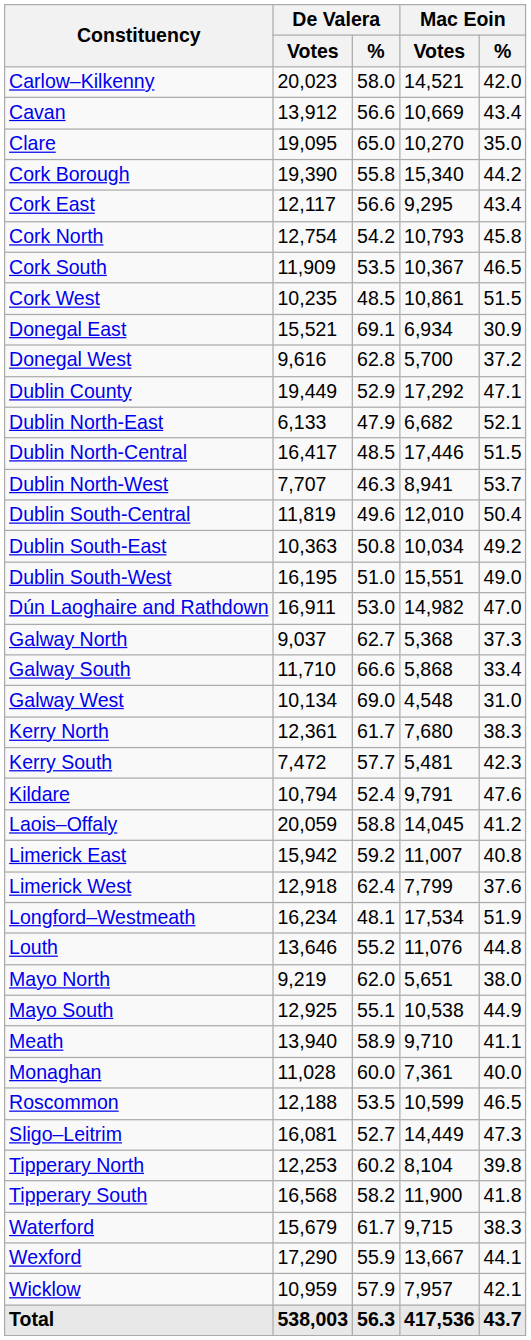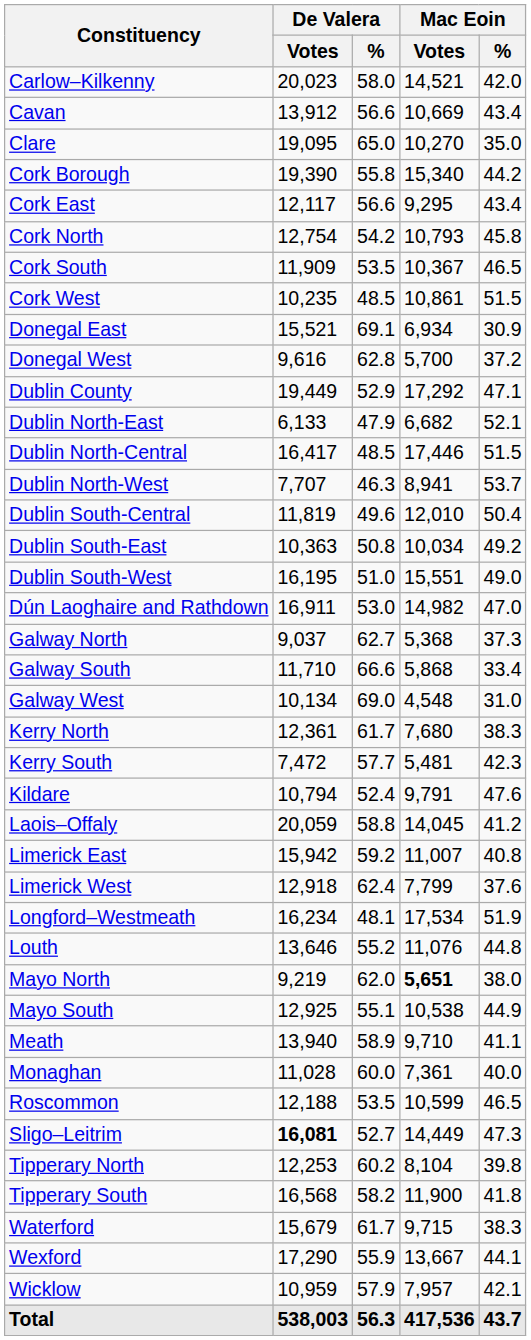 <table class="wikitable sortable">
 <tr>
 <th rowspan="2">Constituency</th>
 <th colspan="2">De Valera</th>
 <th colspan="2">Mac Eoin</th>
 </tr>
 <tr>
 <th>Votes</th>
 <th>%</th>
 <th>Votes</th>
 <th>%</th>
 </tr>
 <tr>
 <td><a href='#'>Carlow–Kilkenny</a></td>
 <td>20,023</td>
 <td>58.0</td>
 <td>14,521</td>
 <td>42.0</td>
 </tr>
 <tr>
 <td><a href='#'>Cavan</a></td>
 <td>13,912</td>
 <td>56.6</td>
 <td>10,669</td>
 <td>43.4</td>
 </tr>
 <tr>
 <td><a href='#'>Clare</a></td>
 <td>19,095</td>
 <td>65.0</td>
 <td>10,270</td>
 <td>35.0</td>
 </tr>
 <tr>
 <td><a href='#'>Cork Borough</a></td>
 <td>19,390</td>
 <td>55.8</td>
 <td>15,340</td>
 <td>44.2</td>
 </tr>
 <tr>
 <td><a href='#'>Cork East</a></td>
 <td>12,117</td>
 <td>56.6</td>
 <td>9,295</td>
 <td>43.4</td>
 </tr>
 <tr>
 <td><a href='#'>Cork North</a></td>
 <td>12,754</td>
 <td>54.2</td>
 <td>10,793</td>
 <td>45.8</td>
 </tr>
 <tr>
 <td><a href='#'>Cork South</a></td>
 <td>11,909</td>
 <td>53.5</td>
 <td>10,367</td>
 <td>46.5</td>
 </tr>
 <tr>
 <td><a href='#'>Cork West</a></td>
 <td>10,235</td>
 <td>48.5</td>
 <td>10,861</td>
 <td>51.5</td>
 </tr>
 <tr>
 <td><a href='#'>Donegal East</a></td>
 <td>15,521</td>
 <td>69.1</td>
 <td>6,934</td>
 <td>30.9</td>
 </tr>
 <tr>
 <td><a href='#'>Donegal West</a></td>
 <td>9,616</td>
 <td>62.8</td>
 <td>5,700</td>
 <td>37.2</td>
 </tr>
 <tr>
 <td><a href='#'>Dublin County</a></td>
 <td>19,449</td>
 <td>52.9</td>
 <td>17,292</td>
 <td>47.1</td>
 </tr>
 <tr>
 <td><a href='#'>Dublin North-East</a></td>
 <td>6,133</td>
 <td>47.9</td>
 <td>6,682</td>
 <td>52.1</td>
 </tr>
 <tr>
 <td><a href='#'>Dublin North-Central</a></td>
 <td>16,417</td>
 <td>48.5</td>
 <td>17,446</td>
 <td>51.5</td>
 </tr>
 <tr>
 <td><a href='#'>Dublin North-West</a></td>
 <td>7,707</td>
 <td>46.3</td>
 <td>8,941</td>
 <td>53.7</td>
 </tr>
 <tr>
 <td><a href='#'>Dublin South-Central</a></td>
 <td>11,819</td>
 <td>49.6</td>
 <td>12,010</td>
 <td>50.4</td>
 </tr>
 <tr>
 <td><a href='#'>Dublin South-East</a></td>
 <td>10,363</td>
 <td>50.8</td>
 <td>10,034</td>
 <td>49.2</td>
 </tr>
 <tr>
 <td><a href='#'>Dublin South-West</a></td>
 <td>16,195</td>
 <td>51.0</td>
 <td>15,551</td>
 <td>49.0</td>
 </tr>
 <tr>
 <td><a href='#'>Dún Laoghaire and Rathdown</a></td>
 <td>16,911</td>
 <td>53.0</td>
 <td>14,982</td>
 <td>47.0</td>
 </tr>
 <tr>
 <td><a href='#'>Galway North</a></td>
 <td>9,037</td>
 <td>62.7</td>
 <td>5,368</td>
 <td>37.3</td>
 </tr>
 <tr>
 <td><a href='#'>Galway South</a></td>
 <td>11,710</td>
 <td>66.6</td>
 <td>5,868</td>
 <td>33.4</td>
 </tr>
 <tr>
 <td><a href='#'>Galway West</a></td>
 <td>10,134</td>
 <td>69.0</td>
 <td>4,548</td>
 <td>31.0</td>
 </tr>
 <tr>
 <td><a href='#'>Kerry North</a></td>
 <td>12,361</td>
 <td>61.7</td>
 <td>7,680</td>
 <td>38.3</td>
 </tr>
 <tr>
 <td><a href='#'>Kerry South</a></td>
 <td>7,472</td>
 <td>57.7</td>
 <td>5,481</td>
 <td>42.3</td>
 </tr>
 <tr>
 <td><a href='#'>Kildare</a></td>
 <td>10,794</td>
 <td>52.4</td>
 <td>9,791</td>
 <td>47.6</td>
 </tr>
 <tr>
 <td><a href='#'>Laois–Offaly</a></td>
 <td>20,059</td>
 <td>58.8</td>
 <td>14,045</td>
 <td>41.2</td>
 </tr>
 <tr>
 <td><a href='#'>Limerick East</a></td>
 <td>15,942</td>
 <td>59.2</td>
 <td>11,007</td>
 <td>40.8</td>
 </tr>
 <tr>
 <td><a href='#'>Limerick West</a></td>
 <td>12,918</td>
 <td>62.4</td>
 <td>7,799</td>
 <td>37.6</td>
 </tr>
 <tr>
 <td><a href='#'>Longford–Westmeath</a></td>
 <td>16,234</td>
 <td>48.1</td>
 <td>17,534</td>
 <td>51.9</td>
 </tr>
 <tr>
 <td><a href='#'>Louth</a></td>
 <td>13,646</td>
 <td>55.2</td>
 <td>11,076</td>
 <td>44.8</td>
 </tr>
 <tr>
 <td><a href='#'>Mayo North</a></td>
 <td>9,219</td>
 <td>62.0</td>
-<td>5,651</td>
+<td><strong>5,651</strong></td>
 <td>38.0</td>
 </tr>
 <tr>
 <td><a href='#'>Mayo South</a></td>
 <td>12,925</td>
 <td>55.1</td>
 <td>10,538</td>
 <td>44.9</td>
 </tr>
 <tr>
 <td><a href='#'>Meath</a></td>
 <td>13,940</td>
 <td>58.9</td>
 <td>9,710</td>
 <td>41.1</td>
 </tr>
 <tr>
 <td><a href='#'>Monaghan</a></td>
 <td>11,028</td>
 <td>60.0</td>
 <td>7,361</td>
 <td>40.0</td>
 </tr>
 <tr>
 <td><a href='#'>Roscommon</a></td>
 <td>12,188</td>
 <td>53.5</td>
 <td>10,599</td>
 <td>46.5</td>
 </tr>
 <tr>
 <td><a href='#'>Sligo–Leitrim</a></td>
-<td>16,081</td>
+<td><strong>16,081</strong></td>
 <td>52.7</td>
 <td>14,449</td>
 <td>47.3</td>
 </tr>
 <tr>
 <td><a href='#'>Tipperary North</a></td>
 <td>12,253</td>
 <td>60.2</td>
 <td>8,104</td>
 <td>39.8</td>
 </tr>
 <tr>
 <td><a href='#'>Tipperary South</a></td>
 <td>16,568</td>
 <td>58.2</td>
 <td>11,900</td>
 <td>41.8</td>
 </tr>
 <tr>
 <td><a href='#'>Waterford</a></td>
 <td>15,679</td>
 <td>61.7</td>
 <td>9,715</td>
 <td>38.3</td>
 </tr>
 <tr>
 <td><a href='#'>Wexford</a></td>
 <td>17,290</td>
 <td>55.9</td>
 <td>13,667</td>
 <td>44.1</td>
 </tr>
 <tr>
 <td><a href='#'>Wicklow</a></td>
 <td>10,959</td>
 <td>57.9</td>
 <td>7,957</td>
 <td>42.1</td>
 </tr>
 <tr class="sortbottom" style="font-weight:bold; background:rgb(232,232,232);">
 <td>Total</td>
 <td><strong>538,003</strong></td>
 <td>56.3</td>
 <td><strong>417,536</strong></td>
 <td>43.7</td>
 </tr>
 </table>
